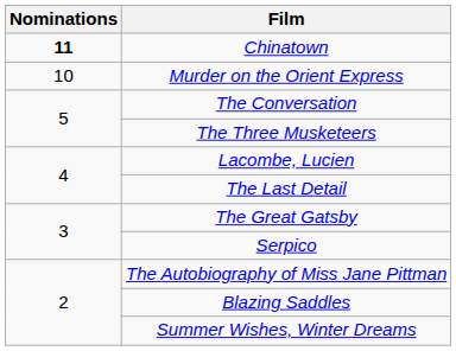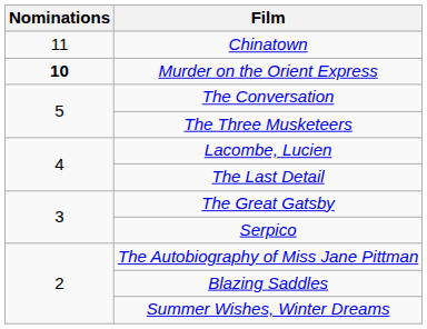 <table class="wikitable" style="text-align:center;">
 <tr>
 <th style="background:">Nominations</th>
 <th style="background:">Film</th>
 </tr>
 <tr>
-<td><strong>11</strong></td>
+<td>11</td>
 <td><em><a href='#'>Chinatown</a></em></td>
 </tr>
 <tr>
-<td>10</td>
+<td><strong>10</strong></td>
 <td><em><a href='#'>Murder on the Orient Express</a></em></td>
 </tr>
 <tr>
 <td rowspan="2">5</td>
 <td><em><a href='#'>The Conversation</a></em></td>
 </tr>
 <tr>
 <td><em><a href='#'>The Three Musketeers</a></em></td>
 </tr>
 <tr>
 <td rowspan="2">4</td>
 <td><em><a href='#'>Lacombe, Lucien</a></em></td>
 </tr>
 <tr>
 <td><em><a href='#'>The Last Detail</a></em></td>
 </tr>
 <tr>
 <td rowspan="2">3</td>
 <td><em><a href='#'>The Great Gatsby</a></em></td>
 </tr>
 <tr>
 <td><em><a href='#'>Serpico</a></em></td>
 </tr>
 <tr>
 <td rowspan="3">2</td>
 <td><em><a href='#'>The Autobiography of Miss Jane Pittman</a></em></td>
 </tr>
 <tr>
 <td><em><a href='#'>Blazing Saddles</a></em></td>
 </tr>
 <tr>
 <td><em><a href='#'>Summer Wishes, Winter Dreams</a></em></td>
 </tr>
 </table>
